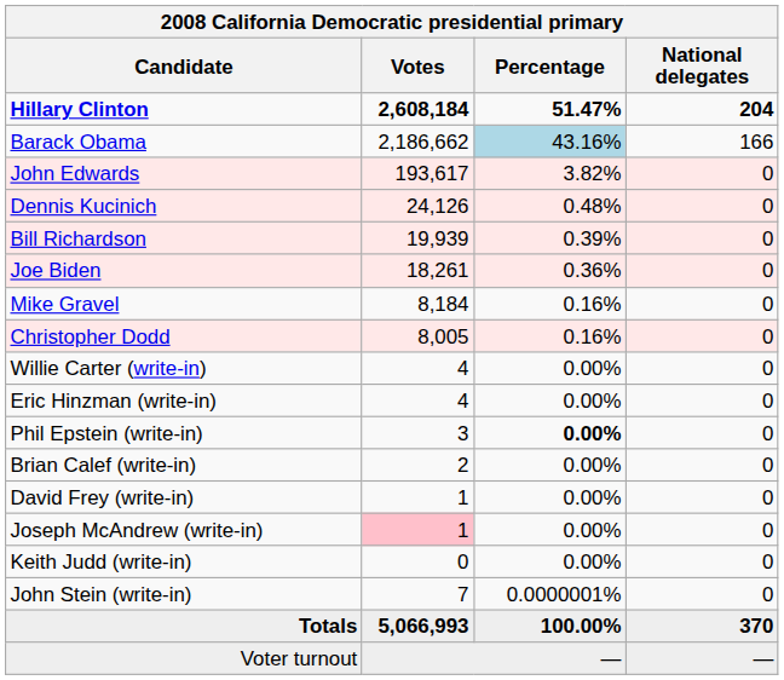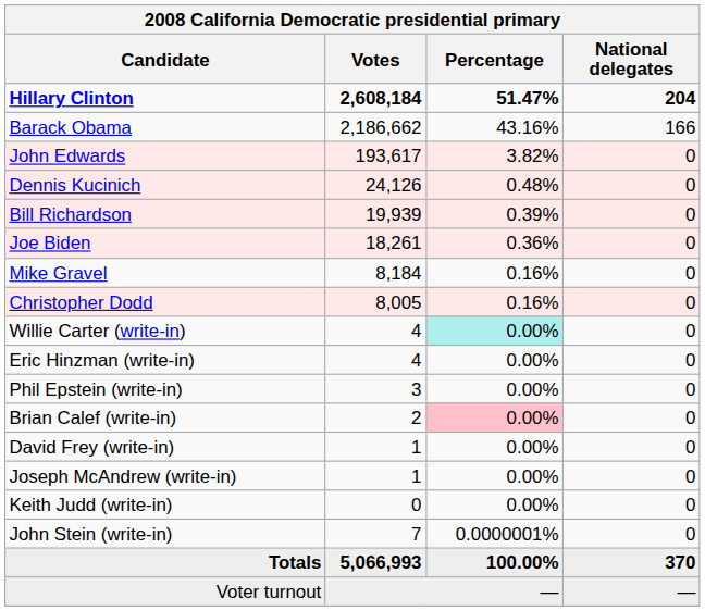 <table class="wikitable" style="font-size: 95%;">
 <tr>
 <th colspan="4">2008 California Democratic presidential primary</th>
 </tr>
 <tr>
 <th style="width: 17em">Candidate</th>
 <th style="width: 5em">Votes</th>
 <th style="width: 7em">Percentage</th>
 <th style="width: 7em">National delegates</th>
 </tr>
 <tr>
 <td><strong><a href='#'>Hillary Clinton</a></strong></td>
 <td align="right"><strong>2,608,184</strong></td>
 <td align="right"><strong>51.47%</strong></td>
 <td align="right"><strong>204</strong></td>
 </tr>
 <tr>
 <td><a href='#'>Barack Obama</a></td>
 <td align="right">2,186,662</td>
-<td align="right" style="background: lightblue;">43.16%</td>
+<td align="right">43.16%</td>
 <td align="right">166</td>
 </tr>
 <tr bgcolor=#FFE8E8>
 <td><a href='#'>John Edwards</a></td>
 <td align="right">193,617</td>
 <td align="right">3.82%</td>
 <td align="right">0</td>
 </tr>
 <tr bgcolor=#FFE8E8>
 <td><a href='#'>Dennis Kucinich</a></td>
 <td align="right">24,126</td>
 <td align="right">0.48%</td>
 <td align="right">0</td>
 </tr>
 <tr bgcolor=#FFE8E8>
 <td><a href='#'>Bill Richardson</a></td>
 <td align="right">19,939</td>
 <td align="right">0.39%</td>
 <td align="right">0</td>
 </tr>
 <tr bgcolor=#FFE8E8>
 <td><a href='#'>Joe Biden</a></td>
 <td align="right">18,261</td>
 <td align="right">0.36%</td>
 <td align="right">0</td>
 </tr>
 <tr>
 <td><a href='#'>Mike Gravel</a></td>
 <td align="right">8,184</td>
 <td align="right">0.16%</td>
 <td align="right">0</td>
 </tr>
 <tr bgcolor=#FFE8E8>
 <td><a href='#'>Christopher Dodd</a></td>
 <td align="right">8,005</td>
 <td align="right">0.16%</td>
 <td align="right">0</td>
 </tr>
 <tr>
 <td>Willie Carter (<a href='#'>write-in</a>)</td>
 <td align="right">4</td>
-<td align="right">0.00%</td>
+<td align="right" style="background: paleturquoise;">0.00%</td>
 <td align="right">0</td>
 </tr>
 <tr>
 <td>Eric Hinzman (write-in)</td>
 <td align="right">4</td>
 <td align="right">0.00%</td>
 <td align="right">0</td>
 </tr>
 <tr>
 <td>Phil Epstein (write-in)</td>
 <td align="right">3</td>
-<td align="right"><strong>0.00%</strong></td>
+<td align="right">0.00%</td>
 <td align="right">0</td>
 </tr>
 <tr>
 <td>Brian Calef (write-in)</td>
 <td align="right">2</td>
-<td align="right">0.00%</td>
+<td align="right" style="background: pink;">0.00%</td>
 <td align="right">0</td>
 </tr>
 <tr>
 <td>David Frey (write-in)</td>
 <td align="right">1</td>
 <td align="right">0.00%</td>
 <td align="right">0</td>
 </tr>
 <tr>
 <td>Joseph McAndrew (write-in)</td>
-<td align="right" style="background: pink;">1</td>
+<td align="right">1</td>
 <td align="right">0.00%</td>
 <td align="right">0</td>
 </tr>
 <tr>
 <td>Keith Judd (write-in)</td>
 <td align="right">0</td>
 <td align="right">0.00%</td>
 <td align="right">0</td>
 </tr>
 <tr>
 <td>John Stein (write-in)</td>
 <td align="right">7</td>
 <td align="right">0.0000001%</td>
 <td align="right">0</td>
 </tr>
 <tr bgcolor="#EEEEEE">
 <td align="right"><strong>Totals</strong></td>
 <td align="right"><strong>5,066,993</strong></td>
 <td align="right"><strong>100.00%</strong></td>
 <td align="right"><strong>370</strong></td>
 </tr>
 <tr bgcolor="#EEEEEE">
 <td align="right">Voter turnout</td>
 <td colspan="2" align="right">—</td>
 <td align="right">—</td>
 </tr>
 </table>
